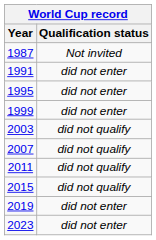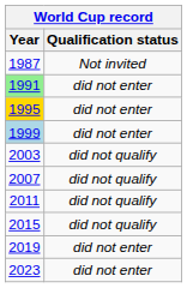 <table class=wikitable style="text-align: center; font-size: 87%;">
 <tr>
 <th colspan=8><a href='#'>World Cup record</a></th>
 </tr>
 <tr>
 <th>Year</th>
 <th>Qualification status</th>
 </tr>
 <tr>
 <td> <a href='#'>1987</a></td>
 <td colspan=7><em>Not invited</em></td>
 </tr>
 <tr>
-<td> <a href='#'>1991</a></td>
+<td style="background: lightgreen;"> <a href='#'>1991</a></td>
 <td colspan=7><em>did not enter</em></td>
 </tr>
 <tr>
-<td> <a href='#'>1995</a></td>
+<td style="background: gold;"> <a href='#'>1995</a></td>
 <td colspan=7><em>did not enter</em></td>
 </tr>
 <tr>
-<td> <a href='#'>1999</a></td>
+<td style="background: lightblue;"> <a href='#'>1999</a></td>
 <td colspan=7><em>did not enter</em></td>
 </tr>
 <tr>
 <td> <a href='#'>2003</a></td>
 <td colspan=7><em>did not qualify</em></td>
 </tr>
 <tr>
 <td> <a href='#'>2007</a></td>
 <td colspan=7><em>did not qualify</em></td>
 </tr>
 <tr>
 <td> <a href='#'>2011</a></td>
 <td colspan=7><em>did not qualify</em></td>
 </tr>
 <tr>
 <td> <a href='#'>2015</a></td>
 <td colspan=7><em>did not qualify</em></td>
 </tr>
 <tr>
 <td> <a href='#'>2019</a></td>
 <td colspan=7><em>did not enter</em></td>
 </tr>
 <tr>
 <td> <a href='#'>2023</a></td>
 <td colspan=7><em>did not enter</em></td>
 </tr>
 </table>
